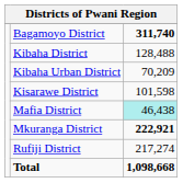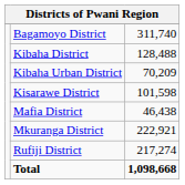 <table class="wikitable">
 <tr>
 <th colspan="7">Districts of Pwani Region</th>
 </tr>
 <tr style="text-align:center;">
 </tr>
 <tr>
 <td rowspan=8></td>
 <td><a href='#'>Bagamoyo District</a></td>
-<td style="text-align:right;"><strong>311,740</strong></td>
+<td style="text-align:right;">311,740</td>
 </tr>
 <tr>
 <td><a href='#'>Kibaha District</a></td>
 <td style="text-align:right;">128,488</td>
 </tr>
 <tr>
 <td><a href='#'>Kibaha Urban District</a></td>
 <td style="text-align:right;">70,209</td>
 </tr>
 <tr>
 <td><a href='#'>Kisarawe District</a></td>
 <td style="text-align:right;">101,598</td>
 </tr>
 <tr>
 <td><a href='#'>Mafia District</a></td>
-<td style="background: paleturquoise; text-align:right;">46,438</td>
+<td style="text-align:right;">46,438</td>
 </tr>
 <tr>
 <td><a href='#'>Mkuranga District</a></td>
-<td style="text-align:right;"><strong>222,921</strong></td>
+<td style="text-align:right;">222,921</td>
 </tr>
 <tr>
 <td><a href='#'>Rufiji District</a></td>
 <td style="text-align:right;">217,274</td>
 </tr>
 <tr>
 <td><strong>Total</strong></td>
 <td style="text-align:right;"><strong>1,098,668</strong></td>
 </tr>
 </table>
